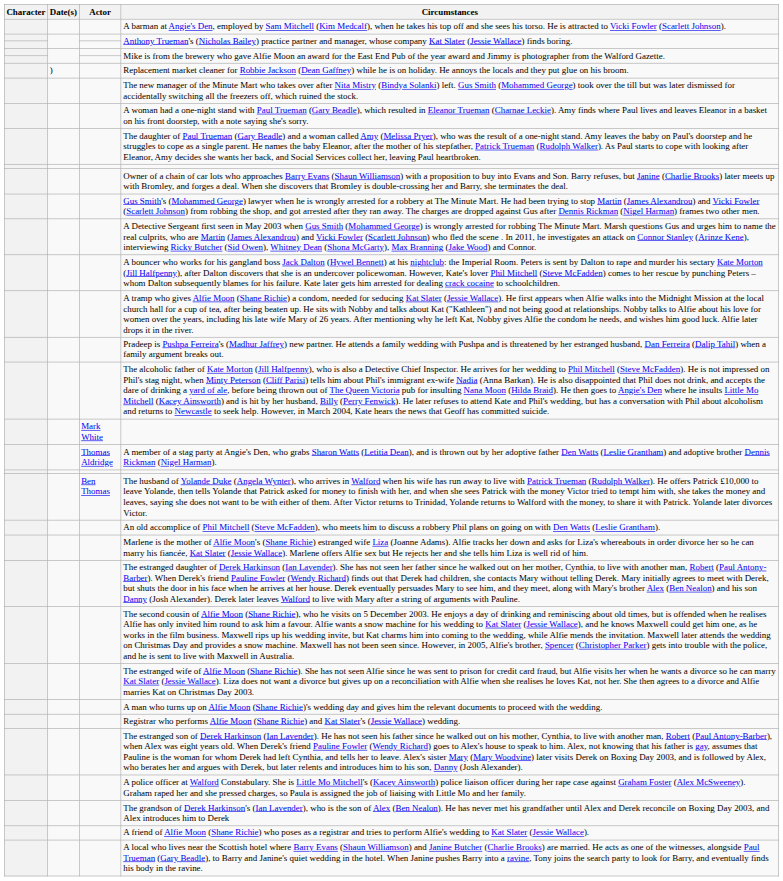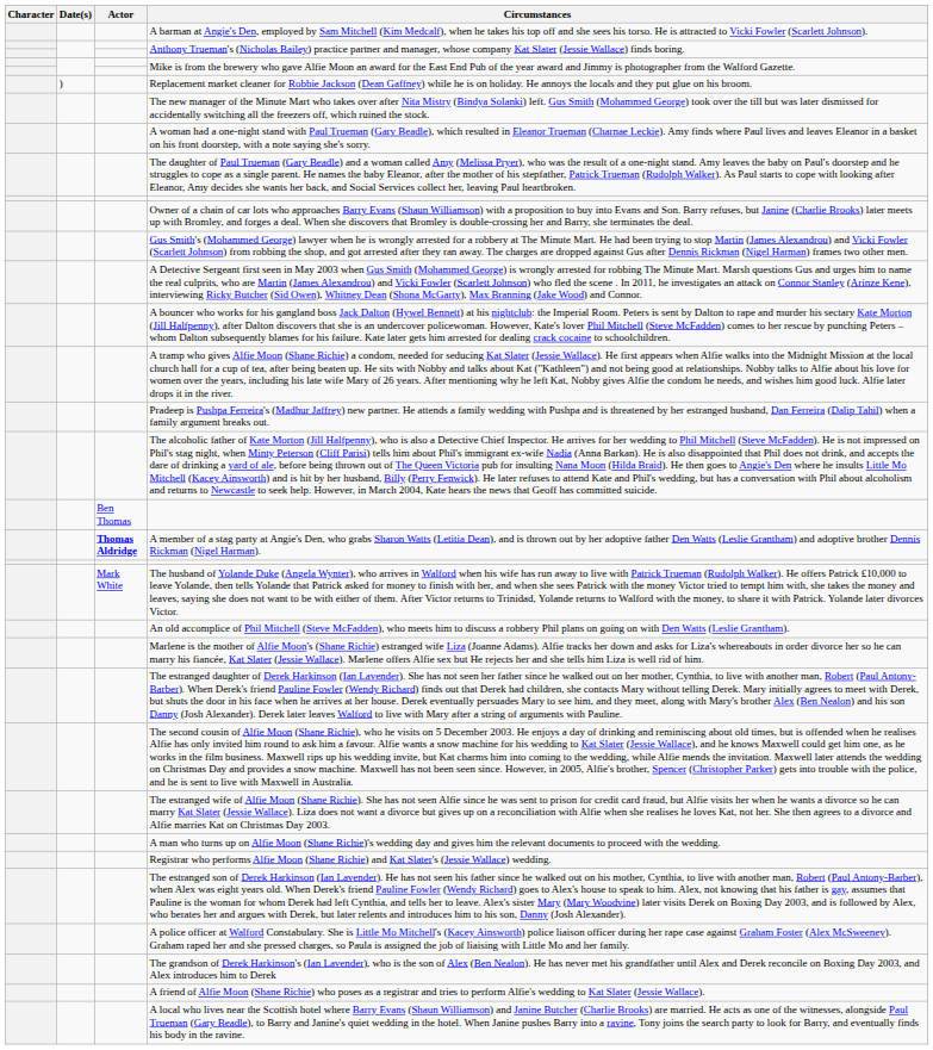 <table class="wikitable plainrowheaders" style="font-size:90%">
 <tr valign="top">
 <th scope="col">Character</th>
 <th scope="col">Date(s)</th>
 <th scope="col">Actor</th>
 <th scope="col">Circumstances</th>
 </tr>
 <tr valign="top">
 <th scope="row"></th>
 <td></td>
 <td></td>
 <td>A barman at <a href='#'>Angie's Den</a>, employed by <a href='#'>Sam Mitchell</a> (<a href='#'>Kim Medcalf</a>), when he takes his top off and she sees his torso. He is attracted to <a href='#'>Vicki Fowler</a> (<a href='#'>Scarlett Johnson</a>).</td>
 </tr>
 <tr valign="top">
 <th scope="row"></th>
 <td rowspan="2"></td>
 <td></td>
 <td rowspan="2"><a href='#'>Anthony Trueman</a>'s (<a href='#'>Nicholas Bailey</a>) practice partner and manager, whose company <a href='#'>Kat Slater</a> (<a href='#'>Jessie Wallace</a>) finds boring.</td>
 </tr>
 <tr valign="top">
 <th scope="row"></th>
 <td></td>
 </tr>
 <tr valign="top">
 <th scope="row"></th>
 <td rowspan="2"></td>
 <td></td>
 <td rowspan="2">Mike is from the brewery who gave Alfie Moon an award for the East End Pub of the year award and Jimmy is photographer from the Walford Gazette.</td>
 </tr>
 <tr valign="top">
 <th scope="row"></th>
 <td></td>
 </tr>
 <tr valign="top">
 <th scope="row"></th>
 <td>)</td>
 <td></td>
 <td>Replacement market cleaner for <a href='#'>Robbie Jackson</a> (<a href='#'>Dean Gaffney</a>) while he is on holiday. He annoys the locals and they put glue on his broom.</td>
 </tr>
 <tr valign="top">
 <th scope="row"></th>
 <td></td>
 <td></td>
 <td>The new manager of the Minute Mart who takes over after <a href='#'>Nita Mistry</a> (<a href='#'>Bindya Solanki</a>) left. <a href='#'>Gus Smith</a> (<a href='#'>Mohammed George</a>) took over the till but was later dismissed for accidentally switching all the freezers off, which ruined the stock.</td>
 </tr>
 <tr valign="top">
 <th scope="row"></th>
 <td></td>
 <td></td>
 <td>A woman had a one-night stand with <a href='#'>Paul Trueman</a> (<a href='#'>Gary Beadle</a>), which resulted in <a href='#'>Eleanor Trueman</a> (<a href='#'>Charnae Leckie</a>). Amy finds where Paul lives and leaves Eleanor in a basket on his front doorstep, with a note saying she's sorry.</td>
 </tr>
 <tr valign="top">
 <th scope="row"></th>
 <td></td>
 <td></td>
 <td>The daughter of <a href='#'>Paul Trueman</a> (<a href='#'>Gary Beadle</a>) and a woman called <a href='#'>Amy</a> (<a href='#'>Melissa Pryer</a>), who was the result of a one-night stand. Amy leaves the baby on Paul's doorstep and he struggles to cope as a single parent. He names the baby Eleanor, after the mother of his stepfather, <a href='#'>Patrick Trueman</a> (<a href='#'>Rudolph Walker</a>). As Paul starts to cope with looking after Eleanor, Amy decides she wants her back, and Social Services collect her, leaving Paul heartbroken.</td>
 </tr>
 <tr valign="top">
 <th scope="row"></th>
 <td></td>
 <td></td>
 <td></td>
 </tr>
 <tr valign="top">
 <th scope="row"></th>
 <td></td>
 <td></td>
 <td>Owner of a chain of car lots who approaches <a href='#'>Barry Evans</a> (<a href='#'>Shaun Williamson</a>) with a proposition to buy into Evans and Son. Barry refuses, but <a href='#'>Janine</a> (<a href='#'>Charlie Brooks</a>) later meets up with Bromley, and forges a deal. When she discovers that Bromley is double-crossing her and Barry, she terminates the deal.</td>
 </tr>
 <tr valign="top">
 <th scope="row"></th>
 <td></td>
 <td></td>
 <td><a href='#'>Gus Smith</a>'s (<a href='#'>Mohammed George</a>) lawyer when he is wrongly arrested for a robbery at The Minute Mart. He had been trying to stop <a href='#'>Martin</a> (<a href='#'>James Alexandrou</a>) and <a href='#'>Vicki Fowler</a> (<a href='#'>Scarlett Johnson</a>) from robbing the shop, and got arrested after they ran away. The charges are dropped against Gus after <a href='#'>Dennis Rickman</a> (<a href='#'>Nigel Harman</a>) frames two other men.</td>
 </tr>
 <tr valign="top">
 <th scope="row"></th>
 <td></td>
 <td></td>
 <td>A Detective Sergeant first seen in May 2003 when <a href='#'>Gus Smith</a> (<a href='#'>Mohammed George</a>) is wrongly arrested for robbing The Minute Mart. Marsh questions Gus and urges him to name the real culprits, who are <a href='#'>Martin</a> (<a href='#'>James Alexandrou</a>) and <a href='#'>Vicki Fowler</a> (<a href='#'>Scarlett Johnson</a>) who fled the scene . In 2011, he investigates an attack on <a href='#'>Connor Stanley</a> (<a href='#'>Arinze Kene</a>), interviewing <a href='#'>Ricky Butcher</a> (<a href='#'>Sid Owen</a>), <a href='#'>Whitney Dean</a> (<a href='#'>Shona McGarty</a>), <a href='#'>Max Branning</a> (<a href='#'>Jake Wood</a>) and Connor.</td>
 </tr>
 <tr valign="top">
 <th scope="row"></th>
 <td></td>
 <td></td>
 <td>A bouncer who works for his gangland boss <a href='#'>Jack Dalton</a> (<a href='#'>Hywel Bennett</a>) at his <a href='#'>nightclub</a>: the Imperial Room. Peters is sent by Dalton to rape and murder his sectary <a href='#'>Kate Morton</a> (<a href='#'>Jill Halfpenny</a>), after Dalton discovers that she is an undercover policewoman. However, Kate's lover <a href='#'>Phil Mitchell</a> (<a href='#'>Steve McFadden</a>) comes to her rescue by punching Peters – whom Dalton subsequently blames for his failure. Kate later gets him arrested for dealing <a href='#'>crack cocaine</a> to schoolchildren.</td>
 </tr>
 <tr valign="top">
 <th scope="row"></th>
 <td></td>
 <td></td>
 <td>A tramp who gives <a href='#'>Alfie Moon</a> (<a href='#'>Shane Richie</a>) a condom, needed for seducing <a href='#'>Kat Slater</a> (<a href='#'>Jessie Wallace</a>). He first appears when Alfie walks into the Midnight Mission at the local church hall for a cup of tea, after being beaten up. He sits with Nobby and talks about Kat ("Kathleen") and not being good at relationships. Nobby talks to Alfie about his love for women over the years, including his late wife Mary of 26 years. After mentioning why he left Kat, Nobby gives Alfie the condom he needs, and wishes him good luck. Alfie later drops it in the river.</td>
 </tr>
 <tr valign="top">
 <th scope="row"></th>
 <td></td>
 <td></td>
 <td>Pradeep is <a href='#'>Pushpa Ferreira</a>'s (<a href='#'>Madhur Jaffrey</a>) new partner. He attends a family wedding with Pushpa and is threatened by her estranged husband, <a href='#'>Dan Ferreira</a> (<a href='#'>Dalip Tahil</a>) when a family argument breaks out.</td>
 </tr>
 <tr valign="top">
 <th scope="row"></th>
 <td></td>
 <td></td>
 <td>The alcoholic father of <a href='#'>Kate Morton</a> (<a href='#'>Jill Halfpenny</a>), who is also a Detective Chief Inspector. He arrives for her wedding to <a href='#'>Phil Mitchell</a> (<a href='#'>Steve McFadden</a>). He is not impressed on Phil's stag night, when <a href='#'>Minty Peterson</a> (<a href='#'>Cliff Parisi</a>) tells him about Phil's immigrant ex-wife <a href='#'>Nadia</a> (Anna Barkan). He is also disappointed that Phil does not drink, and accepts the dare of drinking a <a href='#'>yard of ale</a>, before being thrown out of <a href='#'>The Queen Victoria</a> pub for insulting <a href='#'>Nana Moon</a> (<a href='#'>Hilda Braid</a>). He then goes to <a href='#'>Angie's Den</a> where he insults <a href='#'>Little Mo Mitchell</a> (<a href='#'>Kacey Ainsworth</a>) and is hit by her husband, <a href='#'>Billy</a> (<a href='#'>Perry Fenwick</a>). He later refuses to attend Kate and Phil's wedding, but has a conversation with Phil about alcoholism and returns to <a href='#'>Newcastle</a> to seek help. However, in March 2004, Kate hears the news that Geoff has committed suicide.</td>
 </tr>
 <tr valign="top">
 <th scope="row"></th>
 <td></td>
-<td><a href='#'>Mark White</a></td>
+<td {{nowrap><a href='#'>Ben Thomas</a></td>
 <td></td>
 </tr>
 <tr valign="top">
 <th scope="row"></th>
 <td></td>
-<td><a href='#'>Thomas Aldridge</a></td>
+<td><strong><a href='#'>Thomas Aldridge</a></strong></td>
 <td>A member of a stag party at Angie's Den, who grabs <a href='#'>Sharon Watts</a> (<a href='#'>Letitia Dean</a>), and is thrown out by her adoptive father <a href='#'>Den Watts</a> (<a href='#'>Leslie Grantham</a>) and adoptive brother <a href='#'>Dennis Rickman</a> (<a href='#'>Nigel Harman</a>).</td>
 </tr>
 <tr valign="top">
 <th scope="row"></th>
 <td></td>
 <td></td>
 <td></td>
 </tr>
 <tr valign="top">
 <th scope="row"></th>
 <td></td>
-<td {{nowrap><a href='#'>Ben Thomas</a></td>
+<td><a href='#'>Mark White</a></td>
 <td>The husband of <a href='#'>Yolande Duke</a> (<a href='#'>Angela Wynter</a>), who arrives in <a href='#'>Walford</a> when his wife has run away to live with <a href='#'>Patrick Trueman</a> (<a href='#'>Rudolph Walker</a>). He offers Patrick £10,000 to leave Yolande, then tells Yolande that Patrick asked for money to finish with her, and when she sees Patrick with the money Victor tried to tempt him with, she takes the money and leaves, saying she does not want to be with either of them. After Victor returns to Trinidad, Yolande returns to Walford with the money, to share it with Patrick. Yolande later divorces Victor.</td>
 </tr>
 <tr valign="top">
 <th scope="row"></th>
 <td></td>
 <td></td>
 <td>An old accomplice of <a href='#'>Phil Mitchell</a> (<a href='#'>Steve McFadden</a>), who meets him to discuss a robbery Phil plans on going on with <a href='#'>Den Watts</a> (<a href='#'>Leslie Grantham</a>).</td>
 </tr>
 <tr valign="top">
 <th scope="row"></th>
 <td></td>
 <td></td>
 <td>Marlene is the mother of <a href='#'>Alfie Moon</a>'s (<a href='#'>Shane Richie</a>) estranged wife <a href='#'>Liza</a> (Joanne Adams). Alfie tracks her down and asks for Liza's whereabouts in order divorce her so he can marry his fiancée, <a href='#'>Kat Slater</a> (<a href='#'>Jessie Wallace</a>). Marlene offers Alfie sex but He rejects her and she tells him Liza is well rid of him.</td>
 </tr>
 <tr valign="top">
 <th scope="row"></th>
 <td></td>
 <td></td>
 <td>The estranged daughter of <a href='#'>Derek Harkinson</a> (<a href='#'>Ian Lavender</a>). She has not seen her father since he walked out on her mother, Cynthia, to live with another man, <a href='#'>Robert</a> (<a href='#'>Paul Antony-Barber</a>). When Derek's friend <a href='#'>Pauline Fowler</a> (<a href='#'>Wendy Richard</a>) finds out that Derek had children, she contacts Mary without telling Derek. Mary initially agrees to meet with Derek, but shuts the door in his face when he arrives at her house. Derek eventually persuades Mary to see him, and they meet, along with Mary's brother <a href='#'>Alex</a> (<a href='#'>Ben Nealon</a>) and his son <a href='#'>Danny</a> (Josh Alexander). Derek later leaves <a href='#'>Walford</a> to live with Mary after a string of arguments with Pauline.</td>
 </tr>
 <tr valign="top">
 <th scope="row"></th>
 <td></td>
 <td></td>
 <td>The second cousin of <a href='#'>Alfie Moon</a> (<a href='#'>Shane Richie</a>), who he visits on 5 December 2003. He enjoys a day of drinking and reminiscing about old times, but is offended when he realises Alfie has only invited him round to ask him a favour. Alfie wants a snow machine for his wedding to <a href='#'>Kat Slater</a> (<a href='#'>Jessie Wallace</a>), and he knows Maxwell could get him one, as he works in the film business. Maxwell rips up his wedding invite, but Kat charms him into coming to the wedding, while Alfie mends the invitation. Maxwell later attends the wedding on Christmas Day and provides a snow machine. Maxwell has not been seen since. However, in 2005, Alfie's brother, <a href='#'>Spencer</a> (<a href='#'>Christopher Parker</a>) gets into trouble with the police, and he is sent to live with Maxwell in Australia.</td>
 </tr>
 <tr valign="top">
 <th scope="row"></th>
 <td></td>
 <td></td>
 <td>The estranged wife of <a href='#'>Alfie Moon</a> (<a href='#'>Shane Richie</a>). She has not seen Alfie since he was sent to prison for credit card fraud, but Alfie visits her when he wants a divorce so he can marry <a href='#'>Kat Slater</a> (<a href='#'>Jessie Wallace</a>). Liza does not want a divorce but gives up on a reconciliation with Alfie when she realises he loves Kat, not her. She then agrees to a divorce and Alfie marries Kat on Christmas Day 2003.</td>
 </tr>
 <tr valign="top">
 <th scope="row"></th>
 <td></td>
 <td></td>
 <td>A man who turns up on <a href='#'>Alfie Moon</a> (<a href='#'>Shane Richie</a>)'s wedding day and gives him the relevant documents to proceed with the wedding.</td>
 </tr>
 <tr valign="top">
 <th scope="row"></th>
 <td></td>
 <td></td>
 <td>Registrar who performs <a href='#'>Alfie Moon</a> (<a href='#'>Shane Richie</a>) and <a href='#'>Kat Slater</a>'s (<a href='#'>Jessie Wallace</a>) wedding.</td>
 </tr>
 <tr valign="top">
 <th scope="row"></th>
 <td></td>
 <td></td>
 <td>The estranged son of <a href='#'>Derek Harkinson</a> (<a href='#'>Ian Lavender</a>). He has not seen his father since he walked out on his mother, Cynthia, to live with another man, <a href='#'>Robert</a> (<a href='#'>Paul Antony-Barber</a>), when Alex was eight years old. When Derek's friend <a href='#'>Pauline Fowler</a> (<a href='#'>Wendy Richard</a>) goes to Alex's house to speak to him. Alex, not knowing that his father is <a href='#'>gay</a>, assumes that Pauline is the woman for whom Derek had left Cynthia, and tells her to leave. Alex's sister <a href='#'>Mary</a> (<a href='#'>Mary Woodvine</a>) later visits Derek on Boxing Day 2003, and is followed by Alex, who berates her and argues with Derek, but later relents and introduces him to his son, <a href='#'>Danny</a> (Josh Alexander).</td>
 </tr>
 <tr valign="top">
 <th scope="row"></th>
 <td></td>
 <td></td>
 <td>A police officer at <a href='#'>Walford</a> Constabulary. She is <a href='#'>Little Mo Mitchell</a>'s (<a href='#'>Kacey Ainsworth</a>) police liaison officer during her rape case against <a href='#'>Graham Foster</a> (<a href='#'>Alex McSweeney</a>). Graham raped her and she pressed charges, so Paula is assigned the job of liaising with Little Mo and her family.</td>
 </tr>
 <tr valign="top">
 <th scope="row"></th>
 <td></td>
 <td></td>
 <td>The grandson of <a href='#'>Derek Harkinson</a>'s (<a href='#'>Ian Lavender</a>), who is the son of <a href='#'>Alex</a> (<a href='#'>Ben Nealon</a>). He has never met his grandfather until Alex and Derek reconcile on Boxing Day 2003, and Alex introduces him to Derek</td>
 </tr>
 <tr valign="top">
 <th scope="row"></th>
 <td></td>
 <td></td>
 <td>A friend of <a href='#'>Alfie Moon</a> (<a href='#'>Shane Richie</a>) who poses as a registrar and tries to perform Alfie's wedding to <a href='#'>Kat Slater</a> (<a href='#'>Jessie Wallace</a>).</td>
 </tr>
 <tr valign="top">
 <th scope="row"></th>
 <td></td>
 <td></td>
 <td>A local who lives near the Scottish hotel where <a href='#'>Barry Evans</a> (<a href='#'>Shaun Williamson</a>) and <a href='#'>Janine Butcher</a> (<a href='#'>Charlie Brooks</a>) are married. He acts as one of the witnesses, alongside <a href='#'>Paul Trueman</a> (<a href='#'>Gary Beadle</a>), to Barry and Janine's quiet wedding in the hotel. When Janine pushes Barry into a <a href='#'>ravine</a>, Tony joins the search party to look for Barry, and eventually finds his body in the ravine.</td>
 </tr>
 </table>
